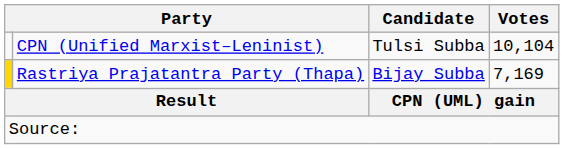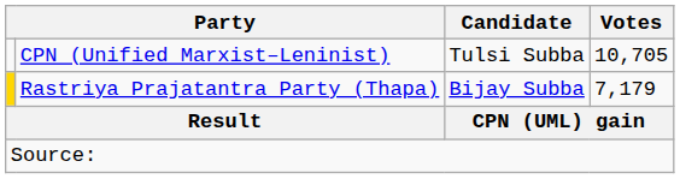 <table class="wikitable">
 <tr>
 <th colspan="2">Party</th>
 <th>Candidate</th>
 <th>Votes</th>
 </tr>
 <tr>
 <td style="background-color:"></td>
 <td><a href='#'>CPN (Unified Marxist–Leninist)</a></td>
 <td>Tulsi Subba</td>
-<td>10,104</td>
+<td>10,705</td>
 </tr>
 <tr>
 <td style="background-color:gold"></td>
 <td><a href='#'>Rastriya Prajatantra Party (Thapa)</a></td>
 <td><a href='#'>Bijay Subba</a></td>
-<td>7,169</td>
+<td>7,179</td>
 </tr>
 <tr>
 <th colspan="2">Result</th>
 <th colspan="2">CPN (UML) gain</th>
 </tr>
 <tr>
 <td colspan="4">Source: </td>
 </tr>
 </table>
